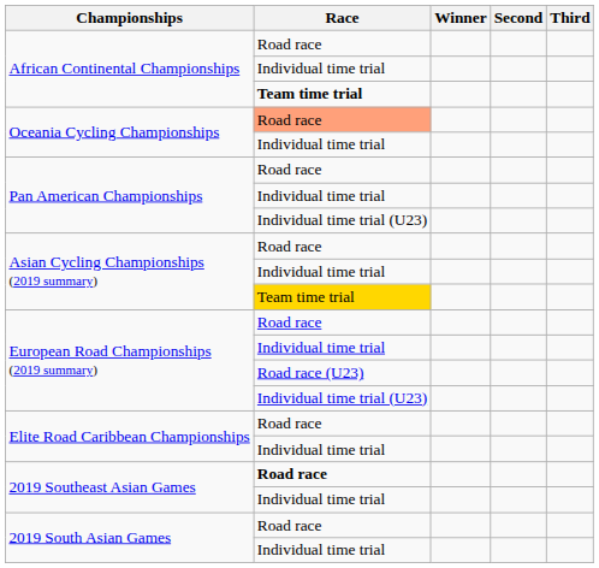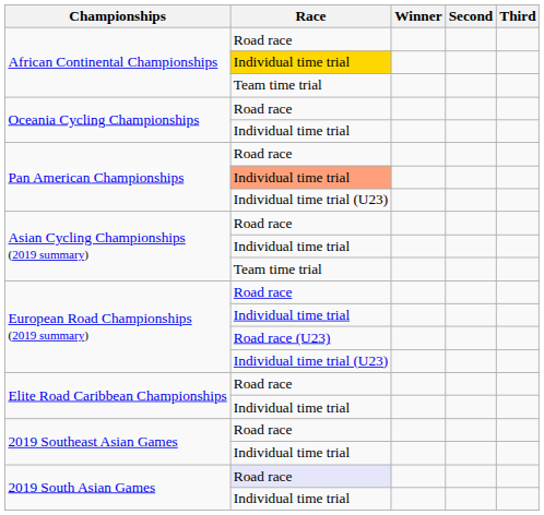 <table class="wikitable sortable">
 <tr>
 <th>Championships</th>
 <th>Race</th>
 <th>Winner</th>
 <th>Second</th>
 <th>Third</th>
 </tr>
 <tr>
 <td rowspan=3><a href='#'>African Continental Championships</a><br></td>
 <td>Road race</td>
 <td></td>
 <td></td>
 <td></td>
 </tr>
 <tr>
-<td>Individual time trial </td>
+<td style="background: gold;">Individual time trial </td>
 <td></td>
 <td></td>
 <td></td>
 </tr>
 <tr>
-<td><strong>Team time trial </strong></td>
+<td>Team time trial </td>
 <td></td>
 <td></td>
 <td></td>
 </tr>
 <tr>
 <td rowspan=2><a href='#'>Oceania Cycling Championships</a><br></td>
-<td style="background: lightsalmon;">Road race</td>
+<td>Road race</td>
 <td></td>
 <td></td>
 <td></td>
 </tr>
 <tr>
 <td>Individual time trial </td>
 <td></td>
 <td></td>
 <td></td>
 </tr>
 <tr>
 <td rowspan=3><a href='#'>Pan American Championships</a><br></td>
 <td>Road race</td>
 <td></td>
 <td></td>
 <td></td>
 </tr>
 <tr>
-<td>Individual time trial </td>
+<td style="background: lightsalmon;">Individual time trial </td>
 <td></td>
 <td></td>
 <td></td>
 </tr>
 <tr>
 <td>Individual time trial (U23) </td>
 <td></td>
 <td></td>
 <td></td>
 </tr>
 <tr>
 <td rowspan=3><a href='#'>Asian Cycling Championships</a><br> <small>(<a href='#'>2019 summary</a>)</small></td>
 <td>Road race</td>
 <td></td>
 <td></td>
 <td></td>
 </tr>
 <tr>
 <td>Individual time trial </td>
 <td></td>
 <td></td>
 <td></td>
 </tr>
 <tr>
-<td style="background: gold;">Team time trial </td>
+<td>Team time trial </td>
 <td></td>
 <td></td>
 <td></td>
 </tr>
 <tr>
 <td rowspan=4><a href='#'>European Road Championships</a><br> <small>(<a href='#'>2019 summary</a>)</small></td>
 <td><a href='#'>Road race</a></td>
 <td></td>
 <td></td>
 <td></td>
 </tr>
 <tr>
 <td><a href='#'>Individual time trial</a> </td>
 <td></td>
 <td></td>
 <td></td>
 </tr>
 <tr>
 <td><a href='#'>Road race (U23)</a></td>
 <td></td>
 <td></td>
 <td></td>
 </tr>
 <tr>
 <td><a href='#'>Individual time trial (U23)</a> </td>
 <td></td>
 <td></td>
 <td></td>
 </tr>
 <tr>
 <td rowspan=2><a href='#'>Elite Road Caribbean Championships</a><br></td>
 <td>Road race</td>
 <td></td>
 <td></td>
 <td></td>
 </tr>
 <tr>
 <td>Individual time trial </td>
 <td></td>
 <td></td>
 <td></td>
 </tr>
 <tr>
 <td rowspan=2><a href='#'>2019 Southeast Asian Games</a><br></td>
-<td><strong>Road race</strong></td>
+<td>Road race</td>
 <td></td>
 <td></td>
 <td></td>
 </tr>
 <tr>
 <td>Individual time trial </td>
 <td></td>
 <td></td>
 <td></td>
 </tr>
 <tr>
 <td rowspan=2><a href='#'>2019 South Asian Games</a><br></td>
-<td>Road race</td>
+<td style="background: lavender;">Road race</td>
 <td></td>
 <td></td>
 <td></td>
 </tr>
 <tr>
 <td>Individual time trial </td>
 <td></td>
 <td></td>
 <td></td>
 </tr>
 </table>
